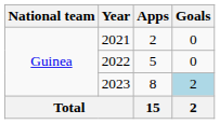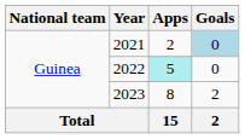 <table class="wikitable" style="text-align: center;">
 <tr>
 <th>National team</th>
 <th>Year</th>
 <th>Apps</th>
 <th>Goals</th>
 </tr>
 <tr>
 <td rowspan="3"><a href='#'>Guinea</a></td>
 <td>2021</td>
 <td>2</td>
-<td>0</td>
+<td style="background: lightblue;">0</td>
 </tr>
 <tr>
 <td>2022</td>
-<td>5</td>
+<td style="background: paleturquoise;">5</td>
 <td>0</td>
 </tr>
 <tr>
 <td>2023</td>
 <td>8</td>
-<td style="background: lightblue;">2</td>
+<td>2</td>
 </tr>
 <tr>
 <th colspan="2">Total</th>
 <th>15</th>
 <th>2</th>
 </tr>
 </table>
